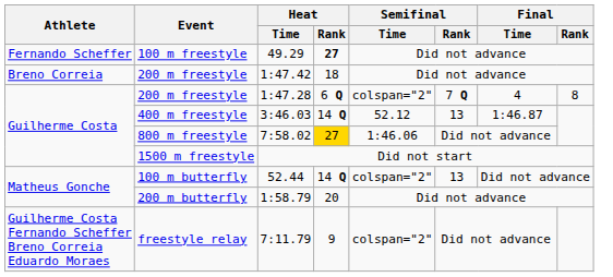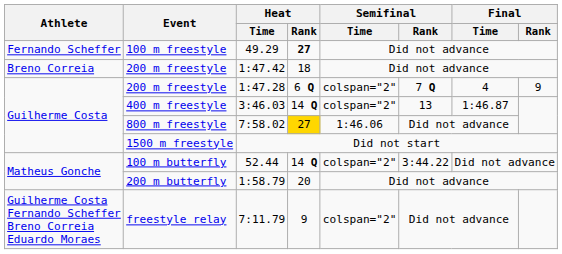 <table class=wikitable style="font-size:90%">
 <tr>
 <th rowspan="2">Athlete</th>
 <th rowspan="2">Event</th>
 <th colspan="2">Heat</th>
 <th colspan="2">Semifinal</th>
 <th colspan="2">Final</th>
 </tr>
 <tr style="font-size:95%">
 <th>Time</th>
 <th>Rank</th>
 <th>Time</th>
 <th>Rank</th>
 <th>Time</th>
 <th>Rank</th>
 </tr>
 <tr align=center>
 <td align=left><a href='#'>Fernando Scheffer</a></td>
 <td align=left><a href='#'>100 m freestyle</a></td>
 <td>49.29</td>
 <td><strong>27</strong></td>
 <td colspan=4>Did not advance</td>
 </tr>
 <tr align=center>
 <td align=left><a href='#'>Breno Correia</a></td>
 <td align=left><a href='#'>200 m freestyle</a></td>
 <td>1:47.42</td>
 <td>18</td>
 <td colspan=4>Did not advance</td>
 </tr>
 <tr align=center>
 <td align=left rowspan="4"><a href='#'>Guilherme Costa</a></td>
 <td align=left><a href='#'>200 m freestyle</a></td>
 <td>1:47.28</td>
 <td>6 <strong>Q</strong></td>
 <td>colspan="2" </td>
 <td>7 <strong>Q</strong></td>
 <td>4</td>
-<td>8</td>
+<td>9</td>
 </tr>
 <tr align=center>
 <td align=left><a href='#'>400 m freestyle</a></td>
 <td>3:46.03</td>
 <td>14 <strong>Q</strong></td>
-<td>52.12</td>
+<td>colspan="2" </td>
 <td>13</td>
 <td>1:46.87</td>
 </tr>
 <tr align=center>
 <td align=left><a href='#'>800 m freestyle</a></td>
 <td>7:58.02</td>
 <td style="background: gold;">27</td>
 <td>1:46.06</td>
 <td colspan=2>Did not advance</td>
 </tr>
 <tr align=center>
 <td align=left><a href='#'>1500 m freestyle</a></td>
 <td colspan="6">Did not start</td>
 </tr>
 <tr align=center>
 <td align=left rowspan="2"><a href='#'>Matheus Gonche</a></td>
 <td align=left><a href='#'>100 m butterfly</a></td>
 <td>52.44</td>
 <td>14 <strong>Q</strong></td>
 <td>colspan="2" </td>
-<td>13</td>
+<td>3:44.22</td>
 <td colspan=2>Did not advance</td>
 </tr>
 <tr align=center>
 <td align=left><a href='#'>200 m butterfly</a></td>
 <td>1:58.79</td>
 <td>20</td>
 <td colspan=4>Did not advance</td>
 </tr>
 <tr align=center>
 <td align=left><a href='#'>Guilherme Costa</a><br><a href='#'>Fernando Scheffer</a><br><a href='#'>Breno Correia</a><br><a href='#'>Eduardo Moraes</a></td>
 <td align=left><a href='#'> freestyle relay</a></td>
 <td>7:11.79</td>
 <td>9</td>
 <td>colspan="2" </td>
 <td colspan=2>Did not advance</td>
 </tr>
 </table>
